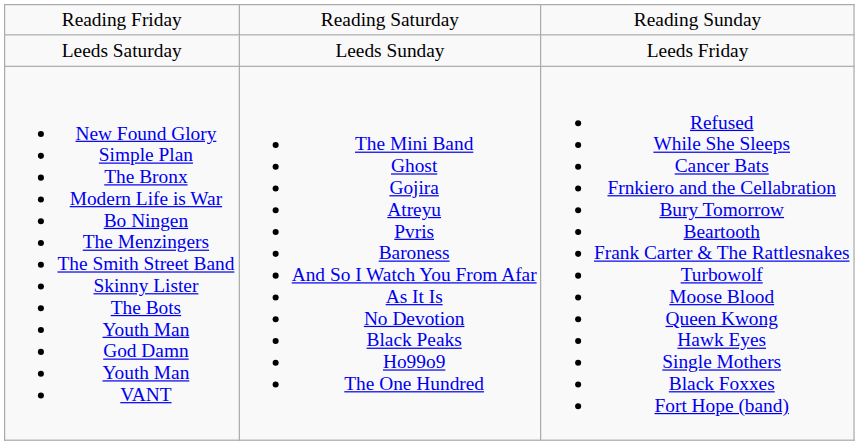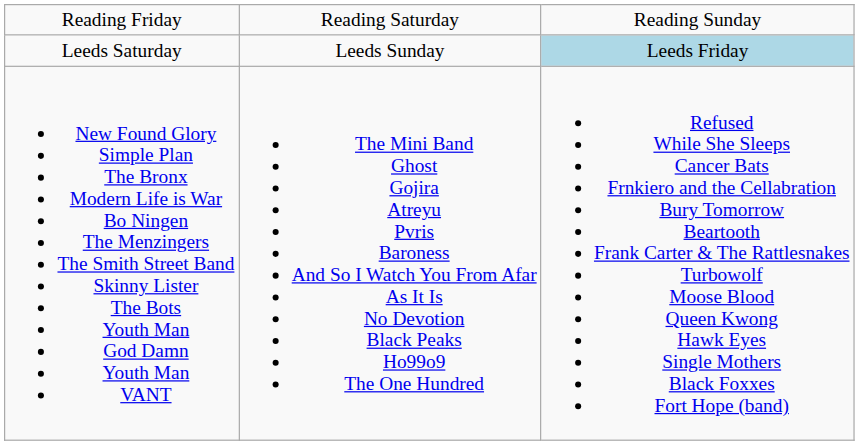 <table class="wikitable" style="text-align:center;">
 <tr>
 <td>Reading Friday</td>
 <td>Reading Saturday</td>
 <td>Reading Sunday</td>
 </tr>
 <tr>
 <td>Leeds Saturday</td>
 <td>Leeds Sunday</td>
-<td>Leeds Friday</td>
+<td style="background: lightblue;">Leeds Friday</td>
 </tr>
 <tr>
 <td><br><ul><li><a href='#'>New Found Glory</a></li><li><a href='#'>Simple Plan</a></li><li><a href='#'>The Bronx</a></li><li><a href='#'>Modern Life is War</a></li><li><a href='#'>Bo Ningen</a></li><li><a href='#'>The Menzingers</a></li><li><a href='#'>The Smith Street Band</a></li><li><a href='#'>Skinny Lister</a></li><li><a href='#'>The Bots</a></li><li><a href='#'>Youth Man</a></li><li><a href='#'>God Damn</a></li><li><a href='#'>Youth Man</a></li><li><a href='#'>VANT</a></li></ul></td>
 <td><br><ul><li><a href='#'>The Mini Band</a></li><li><a href='#'>Ghost</a></li><li><a href='#'>Gojira</a></li><li><a href='#'>Atreyu</a></li><li><a href='#'>Pvris</a></li><li><a href='#'>Baroness</a></li><li><a href='#'>And So I Watch You From Afar</a></li><li><a href='#'>As It Is</a></li><li><a href='#'>No Devotion</a></li><li><a href='#'>Black Peaks</a></li><li><a href='#'>Ho99o9</a></li><li><a href='#'>The One Hundred</a></li></ul></td>
 <td><br><ul><li><a href='#'>Refused</a></li><li><a href='#'>While She Sleeps</a></li><li><a href='#'>Cancer Bats</a></li><li><a href='#'>Frnkiero and the Cellabration</a></li><li><a href='#'>Bury Tomorrow</a></li><li><a href='#'>Beartooth</a></li><li><a href='#'>Frank Carter & The Rattlesnakes</a></li><li><a href='#'>Turbowolf</a></li><li><a href='#'>Moose Blood</a></li><li><a href='#'>Queen Kwong</a></li><li><a href='#'>Hawk Eyes</a></li><li><a href='#'>Single Mothers</a></li><li><a href='#'>Black Foxxes</a></li><li><a href='#'>Fort Hope (band)</a></li></ul></td>
 </tr>
 </table>
